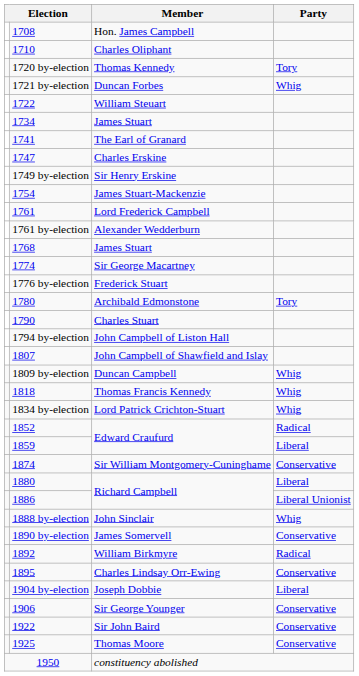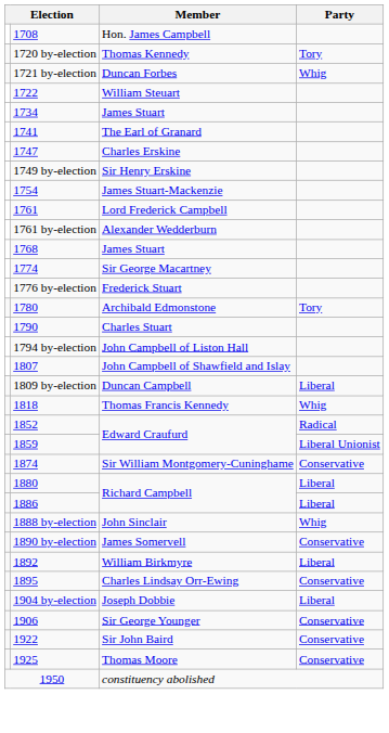 <table class="wikitable">
 <tr>
 <th colspan="2">Election</th>
 <th>Member</th>
 <th>Party</th>
 </tr>
 <tr>
 <td style="color:inherit;background-color: white"></td>
 <td><a href='#'>1708</a></td>
 <td>Hon. <a href='#'>James Campbell</a></td>
-<td></td>
-</tr>
-<tr>
-<td style="color:inherit;background-color: white"></td>
-<td><a href='#'>1710</a></td>
-<td><a href='#'>Charles Oliphant</a></td>
 <td></td>
 </tr>
 <tr>
 <td style="color:inherit;background-color: "></td>
 <td>1720 by-election</td>
 <td><a href='#'>Thomas Kennedy</a></td>
 <td><a href='#'>Tory</a></td>
 </tr>
 <tr>
 <td style="color:inherit;background-color: "></td>
 <td>1721 by-election</td>
 <td><a href='#'>Duncan Forbes</a></td>
 <td><a href='#'>Whig</a></td>
 </tr>
 <tr>
 <td style="color:inherit;background-color: white"></td>
 <td><a href='#'>1722</a></td>
 <td><a href='#'>William Steuart</a></td>
 <td></td>
 </tr>
 <tr>
 <td style="color:inherit;background-color: white"></td>
 <td><a href='#'>1734</a></td>
 <td><a href='#'>James Stuart</a></td>
 <td></td>
 </tr>
 <tr>
 <td style="color:inherit;background-color: white"></td>
 <td><a href='#'>1741</a></td>
 <td><a href='#'>The Earl of Granard</a></td>
 <td></td>
 </tr>
 <tr>
 <td style="color:inherit;background-color: white"></td>
 <td><a href='#'>1747</a></td>
 <td><a href='#'>Charles Erskine</a></td>
 <td></td>
 </tr>
 <tr>
 <td style="color:inherit;background-color: white"></td>
 <td>1749 by-election</td>
 <td><a href='#'>Sir Henry Erskine</a></td>
 <td></td>
 </tr>
 <tr>
 <td style="color:inherit;background-color: white"></td>
 <td><a href='#'>1754</a></td>
 <td><a href='#'>James Stuart-Mackenzie</a></td>
 <td></td>
 </tr>
 <tr>
 <td style="color:inherit;background-color: white"></td>
 <td><a href='#'>1761</a></td>
 <td><a href='#'>Lord Frederick Campbell</a></td>
 <td></td>
 </tr>
 <tr>
 <td style="color:inherit;background-color: white"></td>
 <td>1761 by-election</td>
 <td><a href='#'>Alexander Wedderburn</a></td>
 <td></td>
 </tr>
 <tr>
 <td style="color:inherit;background-color: white"></td>
 <td><a href='#'>1768</a></td>
 <td><a href='#'>James Stuart</a></td>
 <td></td>
 </tr>
 <tr>
 <td style="color:inherit;background-color: white"></td>
 <td><a href='#'>1774</a></td>
 <td><a href='#'>Sir George Macartney</a></td>
 <td></td>
 </tr>
 <tr>
 <td style="color:inherit;background-color: white"></td>
 <td>1776 by-election</td>
 <td><a href='#'>Frederick Stuart</a></td>
 <td></td>
 </tr>
 <tr>
 <td style="color:inherit;background-color: "></td>
 <td><a href='#'>1780</a></td>
 <td><a href='#'>Archibald Edmonstone</a></td>
 <td><a href='#'>Tory</a></td>
 </tr>
 <tr>
 <td style="color:inherit;background-color: white"></td>
 <td><a href='#'>1790</a></td>
 <td><a href='#'>Charles Stuart</a></td>
 <td></td>
 </tr>
 <tr>
 <td style="color:inherit;background-color: white"></td>
 <td>1794 by-election</td>
 <td><a href='#'>John Campbell of Liston Hall</a></td>
 <td></td>
 </tr>
 <tr>
 <td style="color:inherit;background-color: white"></td>
 <td><a href='#'>1807</a></td>
 <td><a href='#'>John Campbell of Shawfield and Islay</a></td>
 <td></td>
 </tr>
 <tr>
 <td style="color:inherit;background-color: "></td>
 <td>1809 by-election</td>
 <td><a href='#'>Duncan Campbell</a></td>
-<td><a href='#'>Whig</a></td>
+<td><a href='#'>Liberal</a></td>
 </tr>
 <tr>
 <td style="color:inherit;background-color: "></td>
 <td><a href='#'>1818</a></td>
 <td><a href='#'>Thomas Francis Kennedy</a></td>
-<td><a href='#'>Whig</a></td>
-</tr>
-<tr>
-<td style="color:inherit;background-color: "></td>
-<td>1834 by-election</td>
-<td><a href='#'>Lord Patrick Crichton-Stuart</a></td>
 <td><a href='#'>Whig</a></td>
 </tr>
 <tr>
 <td style="color:inherit;background-color: "></td>
 <td><a href='#'>1852</a></td>
 <td rowspan="2"><a href='#'>Edward Craufurd</a></td>
 <td><a href='#'>Radical</a></td>
 </tr>
 <tr>
 <td style="color:inherit;background-color: "></td>
 <td><a href='#'>1859</a></td>
-<td><a href='#'>Liberal</a></td>
+<td><a href='#'>Liberal Unionist</a></td>
 </tr>
 <tr>
 <td style="color:inherit;background-color: "></td>
 <td><a href='#'>1874</a></td>
 <td><a href='#'>Sir William Montgomery-Cuninghame</a></td>
 <td><a href='#'>Conservative</a></td>
 </tr>
 <tr>
 <td style="color:inherit;background-color: "></td>
 <td><a href='#'>1880</a></td>
 <td rowspan="2"><a href='#'>Richard Campbell</a></td>
 <td><a href='#'>Liberal</a></td>
 </tr>
 <tr>
 <td style="color:inherit;background-color: "></td>
 <td><a href='#'>1886</a></td>
-<td><a href='#'>Liberal Unionist</a></td>
+<td><a href='#'>Liberal</a></td>
 </tr>
 <tr>
 <td style="color:inherit;background-color: "></td>
 <td><a href='#'>1888 by-election</a></td>
 <td><a href='#'>John Sinclair</a></td>
 <td><a href='#'>Whig</a></td>
 </tr>
 <tr>
 <td style="color:inherit;background-color: "></td>
 <td><a href='#'>1890 by-election</a></td>
 <td><a href='#'>James Somervell</a></td>
 <td><a href='#'>Conservative</a></td>
 </tr>
 <tr>
 <td style="color:inherit;background-color: "></td>
 <td><a href='#'>1892</a></td>
 <td><a href='#'>William Birkmyre</a></td>
-<td><a href='#'>Radical</a></td>
+<td><a href='#'>Liberal</a></td>
 </tr>
 <tr>
 <td style="color:inherit;background-color: "></td>
 <td><a href='#'>1895</a></td>
 <td><a href='#'>Charles Lindsay Orr-Ewing</a></td>
 <td><a href='#'>Conservative</a></td>
 </tr>
 <tr>
 <td style="color:inherit;background-color: "></td>
 <td><a href='#'>1904 by-election</a></td>
 <td><a href='#'>Joseph Dobbie</a></td>
 <td><a href='#'>Liberal</a></td>
 </tr>
 <tr>
 <td style="color:inherit;background-color: "></td>
 <td><a href='#'>1906</a></td>
 <td><a href='#'>Sir George Younger</a></td>
 <td><a href='#'>Conservative</a></td>
 </tr>
 <tr>
 <td style="color:inherit;background-color: "></td>
 <td><a href='#'>1922</a></td>
 <td><a href='#'>Sir John Baird</a></td>
 <td><a href='#'>Conservative</a></td>
 </tr>
 <tr>
 <td style="color:inherit;background-color: "></td>
 <td><a href='#'>1925</a></td>
 <td><a href='#'>Thomas Moore</a></td>
 <td><a href='#'>Conservative</a></td>
 </tr>
 <tr>
 <td colspan="2" align="center"><a href='#'>1950</a></td>
 <td colspan="2"><em>constituency abolished</em></td>
 </tr>
 </table>
